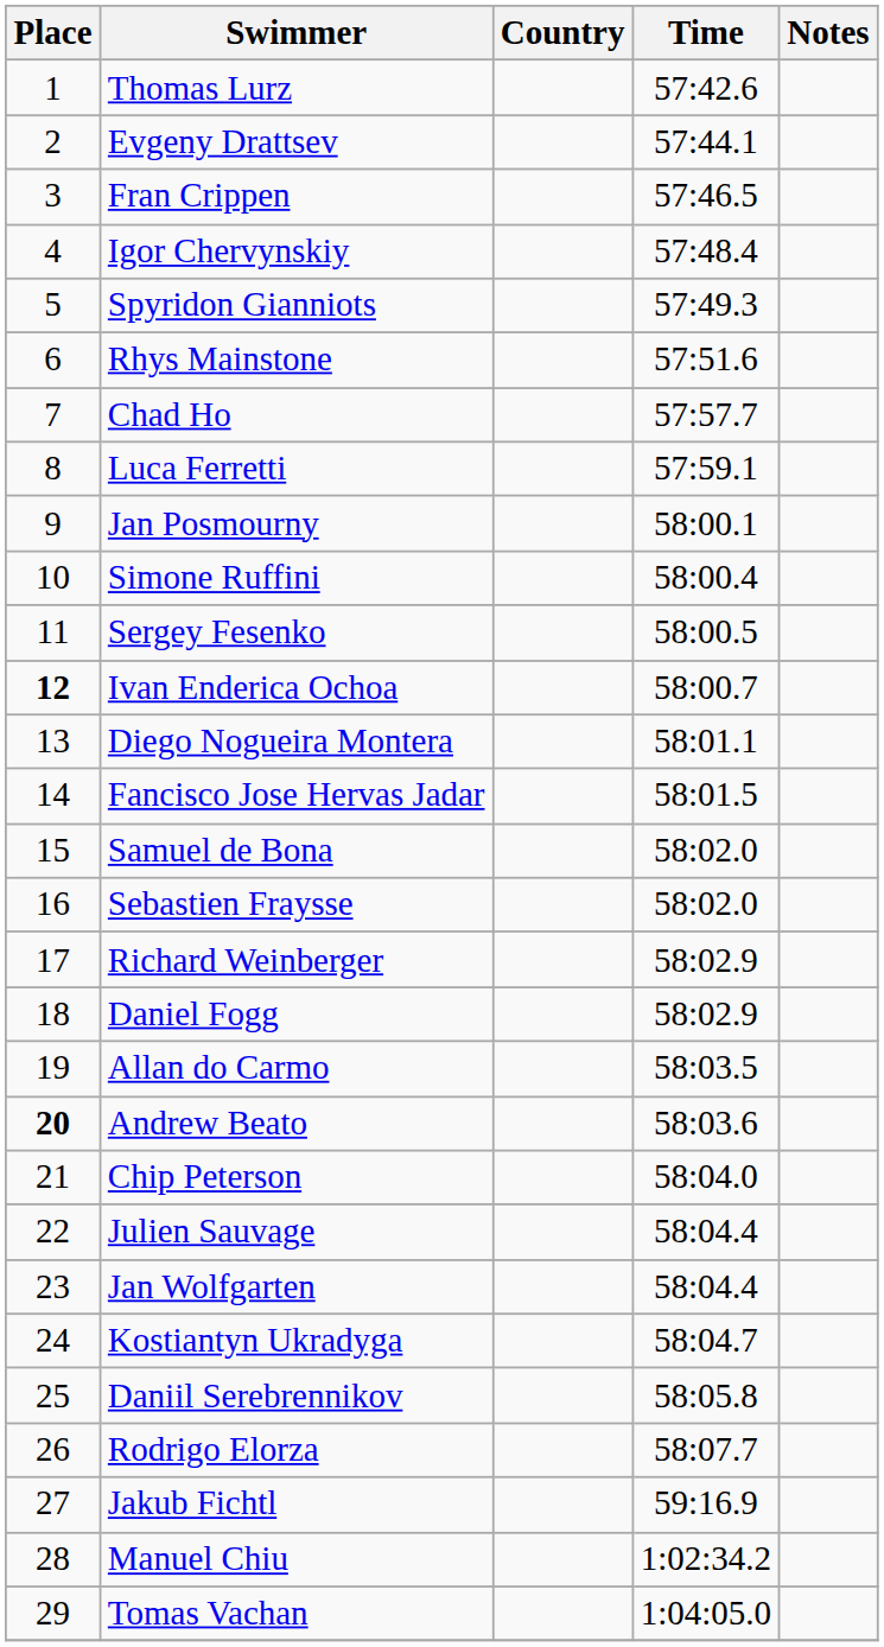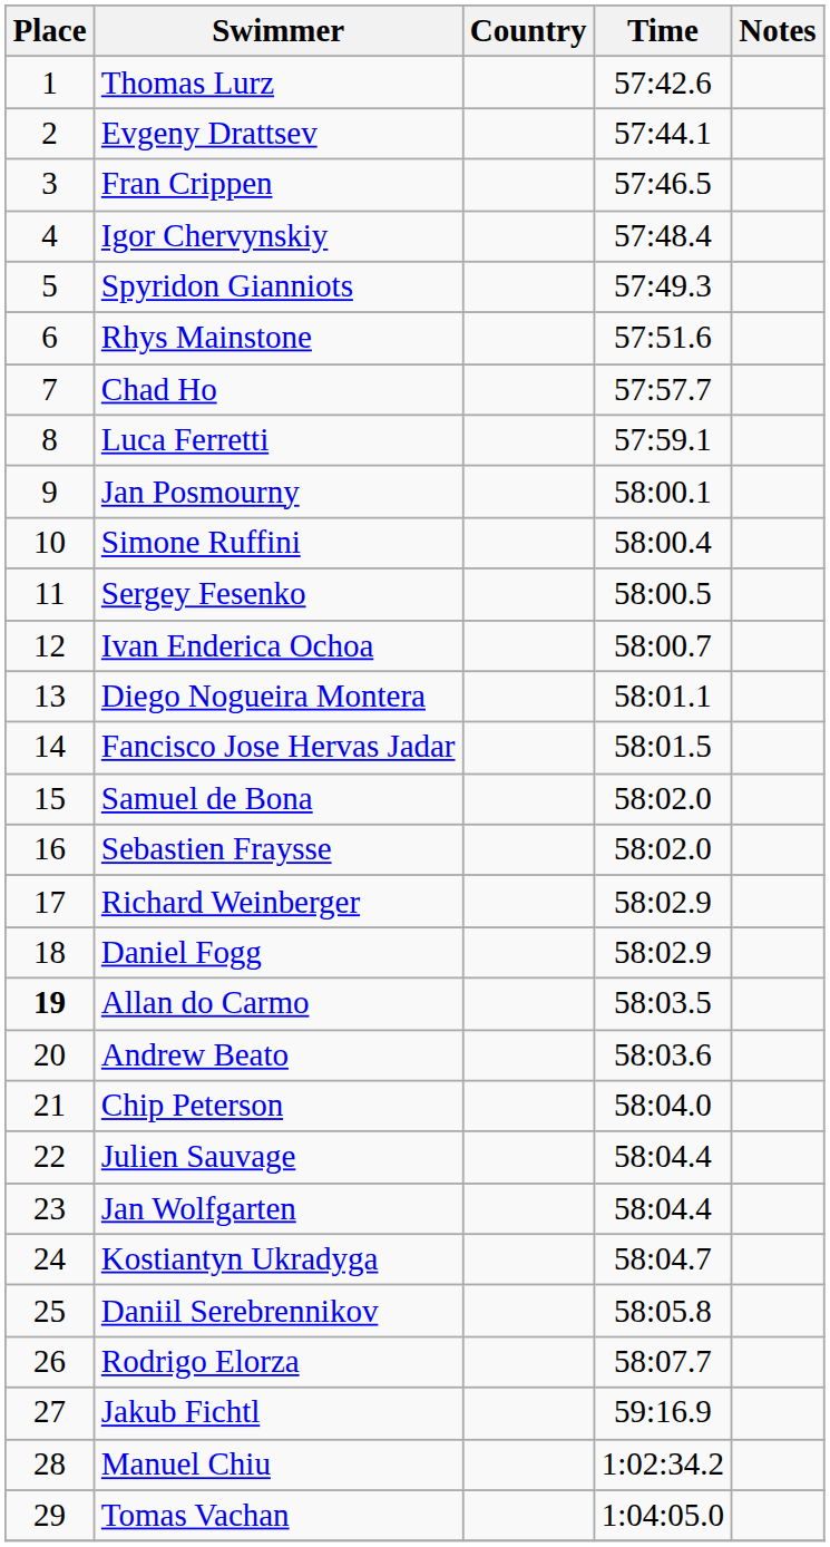 <table class="wikitable" style="text-align:center">
 <tr>
 <th>Place</th>
 <th>Swimmer</th>
 <th>Country</th>
 <th>Time</th>
 <th>Notes</th>
 </tr>
 <tr>
 <td>1</td>
 <td align=left><a href='#'>Thomas Lurz</a></td>
 <td align=left></td>
 <td>57:42.6</td>
 <td></td>
 </tr>
 <tr>
 <td>2</td>
 <td align=left><a href='#'>Evgeny Drattsev</a></td>
 <td align=left></td>
 <td>57:44.1</td>
 <td></td>
 </tr>
 <tr>
 <td>3</td>
 <td align=left><a href='#'>Fran Crippen</a></td>
 <td align=left></td>
 <td>57:46.5</td>
 <td></td>
 </tr>
 <tr>
 <td>4</td>
 <td align=left><a href='#'>Igor Chervynskiy</a></td>
 <td align=left></td>
 <td>57:48.4</td>
 <td></td>
 </tr>
 <tr>
 <td>5</td>
 <td align=left><a href='#'>Spyridon Gianniots</a></td>
 <td align=left></td>
 <td>57:49.3</td>
 <td></td>
 </tr>
 <tr>
 <td>6</td>
 <td align=left><a href='#'>Rhys Mainstone</a></td>
 <td align=left></td>
 <td>57:51.6</td>
 <td></td>
 </tr>
 <tr>
 <td>7</td>
 <td align=left><a href='#'>Chad Ho</a></td>
 <td align=left></td>
 <td>57:57.7</td>
 <td></td>
 </tr>
 <tr>
 <td>8</td>
 <td align=left><a href='#'>Luca Ferretti</a></td>
 <td align=left></td>
 <td>57:59.1</td>
 <td></td>
 </tr>
 <tr>
 <td>9</td>
 <td align=left><a href='#'>Jan Posmourny</a></td>
 <td align=left></td>
 <td>58:00.1</td>
 <td></td>
 </tr>
 <tr>
 <td>10</td>
 <td align=left><a href='#'>Simone Ruffini</a></td>
 <td align=left></td>
 <td>58:00.4</td>
 <td></td>
 </tr>
 <tr>
 <td>11</td>
 <td align=left><a href='#'>Sergey Fesenko</a></td>
 <td align=left></td>
 <td>58:00.5</td>
 <td></td>
 </tr>
 <tr>
-<td><strong>12</strong></td>
+<td>12</td>
 <td align=left><a href='#'>Ivan Enderica Ochoa</a></td>
 <td align=left></td>
 <td>58:00.7</td>
 <td></td>
 </tr>
 <tr>
 <td>13</td>
 <td align=left><a href='#'>Diego Nogueira Montera</a></td>
 <td align=left></td>
 <td>58:01.1</td>
 <td></td>
 </tr>
 <tr>
 <td>14</td>
 <td align=left><a href='#'>Fancisco Jose Hervas Jadar</a></td>
 <td align=left></td>
 <td>58:01.5</td>
 <td></td>
 </tr>
 <tr>
 <td>15</td>
 <td align=left><a href='#'>Samuel de Bona</a></td>
 <td align=left></td>
 <td>58:02.0</td>
 <td></td>
 </tr>
 <tr>
 <td>16</td>
 <td align=left><a href='#'>Sebastien Fraysse</a></td>
 <td align=left></td>
 <td>58:02.0</td>
 <td></td>
 </tr>
 <tr>
 <td>17</td>
 <td align=left><a href='#'>Richard Weinberger</a></td>
 <td align=left></td>
 <td>58:02.9</td>
 <td></td>
 </tr>
 <tr>
 <td>18</td>
 <td align=left><a href='#'>Daniel Fogg</a></td>
 <td align=left></td>
 <td>58:02.9</td>
 <td></td>
 </tr>
 <tr>
-<td>19</td>
+<td><strong>19</strong></td>
 <td align=left><a href='#'>Allan do Carmo</a></td>
 <td align=left></td>
 <td>58:03.5</td>
 <td></td>
 </tr>
 <tr>
-<td><strong>20</strong></td>
+<td>20</td>
 <td align=left><a href='#'>Andrew Beato</a></td>
 <td align=left></td>
 <td>58:03.6</td>
 <td></td>
 </tr>
 <tr>
 <td>21</td>
 <td align=left><a href='#'>Chip Peterson</a></td>
 <td align=left></td>
 <td>58:04.0</td>
 <td></td>
 </tr>
 <tr>
 <td>22</td>
 <td align=left><a href='#'>Julien Sauvage</a></td>
 <td align=left></td>
 <td>58:04.4</td>
 <td></td>
 </tr>
 <tr>
 <td>23</td>
 <td align=left><a href='#'>Jan Wolfgarten</a></td>
 <td align=left></td>
 <td>58:04.4</td>
 <td></td>
 </tr>
 <tr>
 <td>24</td>
 <td align=left><a href='#'>Kostiantyn Ukradyga</a></td>
 <td align=left></td>
 <td>58:04.7</td>
 <td></td>
 </tr>
 <tr>
 <td>25</td>
 <td align=left><a href='#'>Daniil Serebrennikov</a></td>
 <td align=left></td>
 <td>58:05.8</td>
 <td></td>
 </tr>
 <tr>
 <td>26</td>
 <td align=left><a href='#'>Rodrigo Elorza</a></td>
 <td align=left></td>
 <td>58:07.7</td>
 <td></td>
 </tr>
 <tr>
 <td>27</td>
 <td align=left><a href='#'>Jakub Fichtl</a></td>
 <td align=left></td>
 <td>59:16.9</td>
 <td></td>
 </tr>
 <tr>
 <td>28</td>
 <td align=left><a href='#'>Manuel Chiu</a></td>
 <td align=left></td>
 <td>1:02:34.2</td>
 <td></td>
 </tr>
 <tr>
 <td>29</td>
 <td align=left><a href='#'>Tomas Vachan</a></td>
 <td align=left></td>
 <td>1:04:05.0</td>
 <td></td>
 </tr>
 <tr>
 </tr>
 </table>
